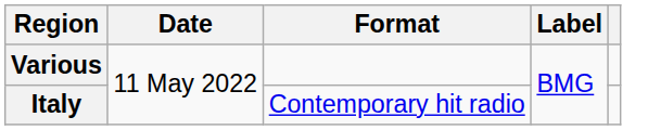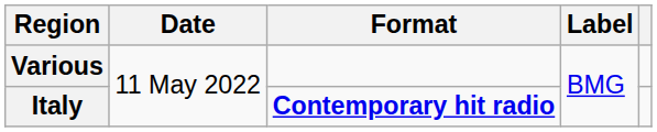 <table class="wikitable plainrowheaders">
 <tr>
 <th scope="col">Region</th>
 <th scope="col">Date</th>
 <th scope="col">Format</th>
 <th scope="col">Label</th>
 <th scope="col"></th>
 </tr>
 <tr>
 <th scope="row">Various</th>
 <td rowspan="2">11 May 2022</td>
 <td></td>
 <td rowspan="2"><a href='#'>BMG</a></td>
 <td></td>
 </tr>
 <tr>
 <th scope="row">Italy</th>
-<td><a href='#'>Contemporary hit radio</a></td>
+<td><strong><a href='#'>Contemporary hit radio</a></strong></td>
 <td></td>
 </tr>
 </table>
